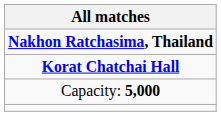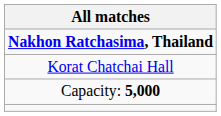 <table class="wikitable" style="text-align:center;">
 <tr>
 <th>All matches</th>
 </tr>
 <tr>
 <td><strong><a href='#'>Nakhon Ratchasima</a>, Thailand</strong></td>
 </tr>
 <tr>
-<td><strong><a href='#'>Korat Chatchai Hall</a></strong></td>
+<td><a href='#'>Korat Chatchai Hall</a></td>
 </tr>
 <tr>
 <td>Capacity: <strong>5,000</strong></td>
 </tr>
 <tr>
 <td></td>
 </tr>
 </table>
